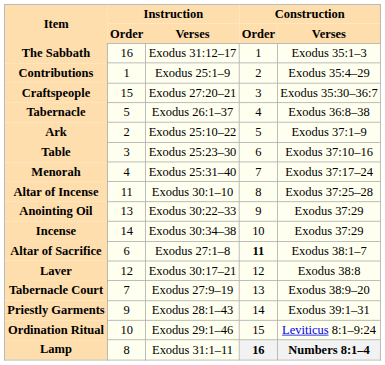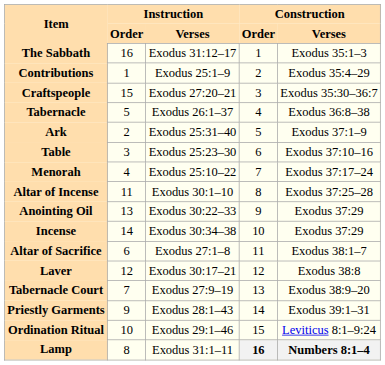 <table class="wikitable" style="text-align:center; background:Ivory;">
 <tr>
 <th style="border:1px white; background:Navajowhite;" rowspan=2>Item</th>
 <th style="border:1px white; background:Navajowhite;" colspan=2>Instruction</th>
 <th style="border:1px white; background:Navajowhite;" colspan=2>Construction</th>
 </tr>
 <tr>
 <th style="border:1px white; background:Navajowhite;">Order</th>
 <th style="border:1px white; background:Navajowhite;">Verses</th>
 <th style="border:1px white; background:Navajowhite;">Order</th>
 <th style="border:1px white; background:Navajowhite;">Verses</th>
 </tr>
 <tr>
 <th style="border:1px white; background:Navajowhite;">The Sabbath</th>
 <td>16</td>
 <td>Exodus 31:12–17</td>
 <td>1</td>
 <td>Exodus 35:1–3</td>
 </tr>
 <tr>
 <th style="border:1px white; background:Navajowhite;">Contributions</th>
 <td>1</td>
 <td>Exodus 25:1–9</td>
 <td>2</td>
 <td>Exodus 35:4–29</td>
 </tr>
 <tr>
 <th style="border:1px white; background:Navajowhite;">Craftspeople</th>
 <td>15</td>
 <td>Exodus 27:20–21</td>
 <td>3</td>
 <td>Exodus 35:30–36:7</td>
 </tr>
 <tr>
 <th style="border:1px white; background:Navajowhite;">Tabernacle</th>
 <td>5</td>
 <td>Exodus 26:1–37</td>
 <td>4</td>
 <td>Exodus 36:8–38</td>
 </tr>
 <tr>
 <th style="border:1px white; background:Navajowhite;">Ark</th>
 <td>2</td>
-<td>Exodus 25:10–22</td>
+<td>Exodus 25:31–40</td>
 <td>5</td>
 <td>Exodus 37:1–9</td>
 </tr>
 <tr>
 <th style="border:1px white; background:Navajowhite;">Table</th>
 <td>3</td>
 <td>Exodus 25:23–30</td>
 <td>6</td>
 <td>Exodus 37:10–16</td>
 </tr>
 <tr>
 <th style="border:1px white; background:Navajowhite;">Menorah</th>
 <td>4</td>
-<td>Exodus 25:31–40</td>
+<td>Exodus 25:10–22</td>
 <td>7</td>
 <td>Exodus 37:17–24</td>
 </tr>
 <tr>
 <th style="border:1px white; background:Navajowhite;">Altar of Incense</th>
 <td>11</td>
 <td>Exodus 30:1–10</td>
 <td>8</td>
 <td>Exodus 37:25–28</td>
 </tr>
 <tr>
 <th style="border:1px white; background:Navajowhite;">Anointing Oil</th>
 <td>13</td>
 <td>Exodus 30:22–33</td>
 <td>9</td>
 <td>Exodus 37:29</td>
 </tr>
 <tr>
 <th style="border:1px white; background:Navajowhite;">Incense</th>
 <td>14</td>
 <td>Exodus 30:34–38</td>
 <td>10</td>
 <td>Exodus 37:29</td>
 </tr>
 <tr>
 <th style="border:1px white; background:Navajowhite;">Altar of Sacrifice</th>
 <td>6</td>
 <td>Exodus 27:1–8</td>
-<td><strong>11</strong></td>
+<td>11</td>
 <td>Exodus 38:1–7</td>
 </tr>
 <tr>
 <th style="border:1px white; background:Navajowhite;">Laver</th>
 <td>12</td>
 <td>Exodus 30:17–21</td>
 <td>12</td>
 <td>Exodus 38:8</td>
 </tr>
 <tr>
 <th style="border:1px white; background:Navajowhite;">Tabernacle Court</th>
 <td>7</td>
 <td>Exodus 27:9–19</td>
 <td>13</td>
 <td>Exodus 38:9–20</td>
 </tr>
 <tr>
 <th style="border:1px white; background:Navajowhite;">Priestly Garments</th>
 <td>9</td>
 <td>Exodus 28:1–43</td>
 <td>14</td>
 <td>Exodus 39:1–31</td>
 </tr>
 <tr>
 <th style="border:1px white; background:Navajowhite;">Ordination Ritual</th>
 <td>10</td>
 <td>Exodus 29:1–46</td>
 <td>15</td>
 <td><a href='#'>Leviticus</a> 8:1–9:24</td>
 </tr>
 <tr>
 <th style="border:1px white; background:Navajowhite;">Lamp</th>
 <td>8</td>
 <td>Exodus 31:1–11</td>
 <th>16</th>
 <th>Numbers 8:1–4</th>
 </tr>
 </table>
